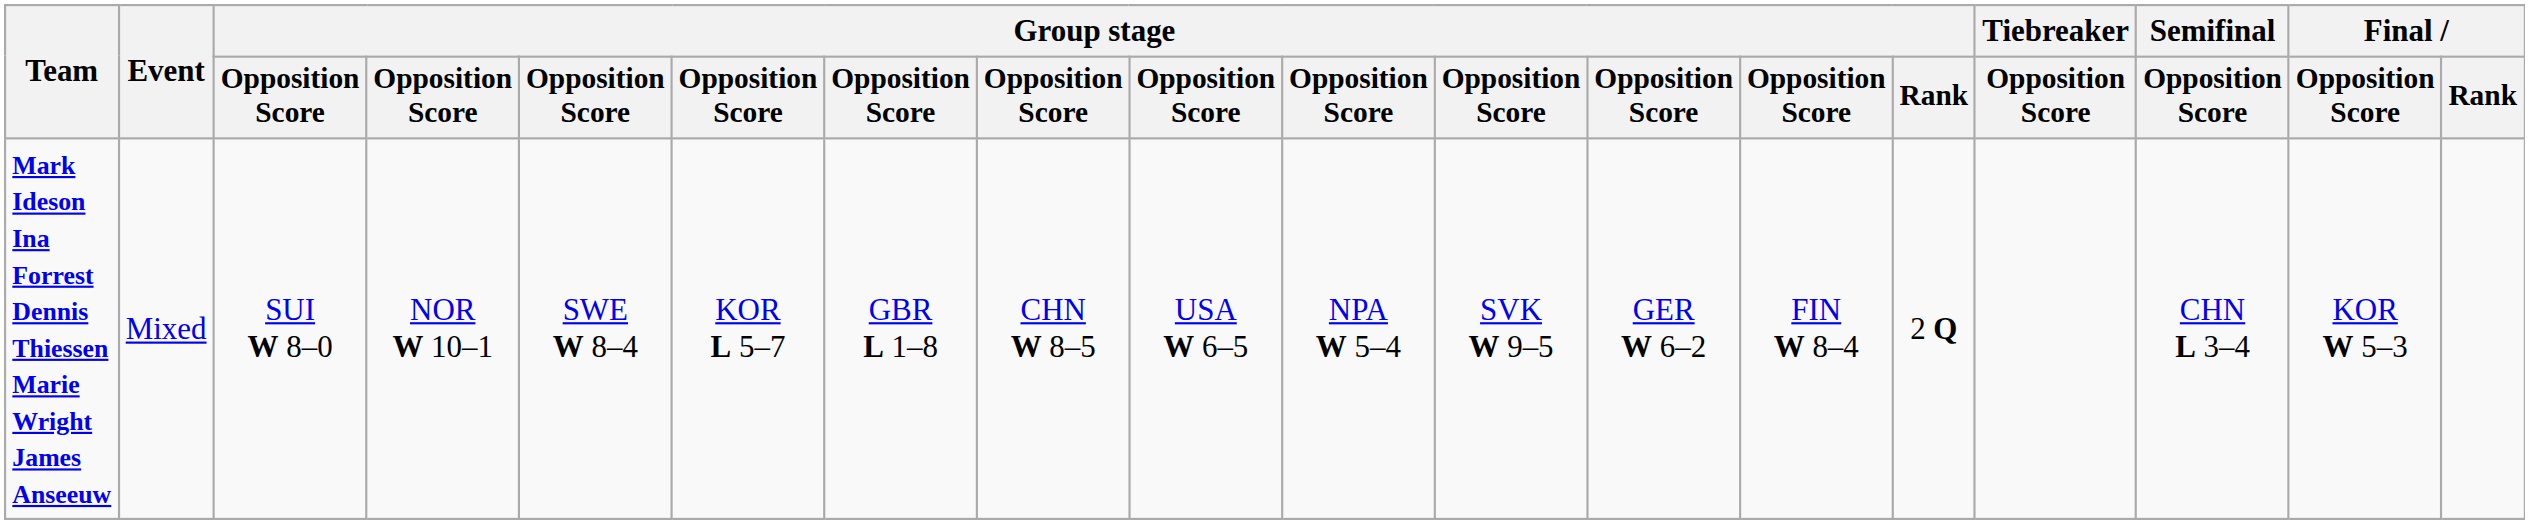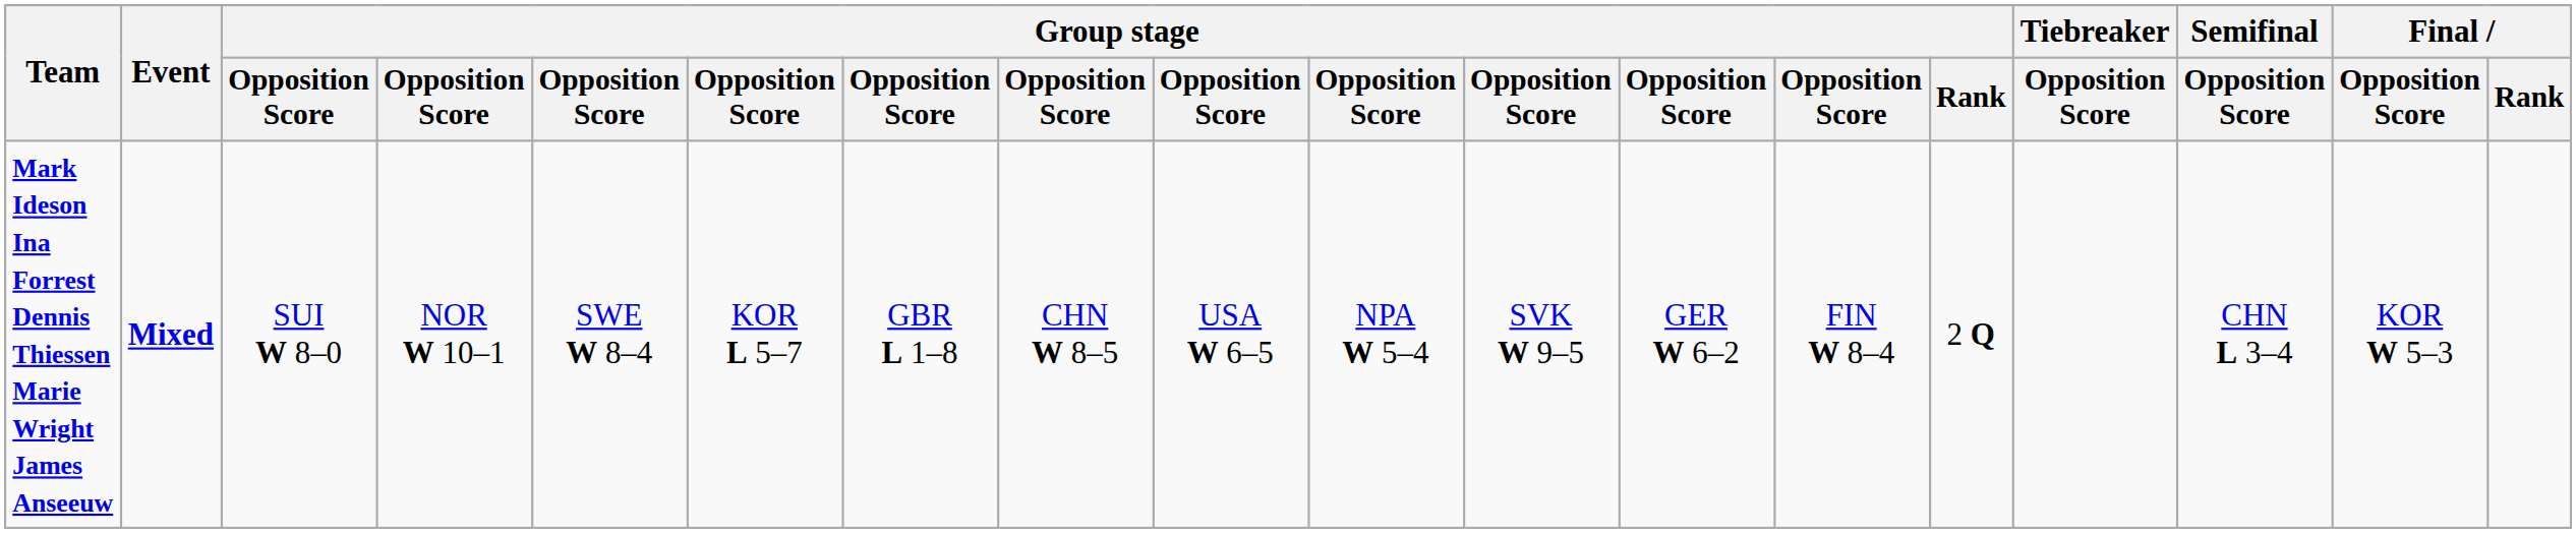 <table class=wikitable style="font-size:90%">
 <tr>
 <th rowspan=2>Team</th>
 <th rowspan=2>Event</th>
 <th colspan=12>Group stage</th>
 <th>Tiebreaker</th>
 <th>Semifinal</th>
 <th colspan=2>Final / </th>
 </tr>
 <tr style="font-size:95%">
 <th>Opposition<br>Score</th>
 <th>Opposition<br>Score</th>
 <th>Opposition<br>Score</th>
 <th>Opposition<br>Score</th>
 <th>Opposition<br>Score</th>
 <th>Opposition<br>Score</th>
 <th>Opposition<br>Score</th>
 <th>Opposition<br>Score</th>
 <th>Opposition<br>Score</th>
 <th>Opposition<br>Score</th>
 <th>Opposition<br>Score</th>
 <th>Rank</th>
 <th>Opposition<br>Score</th>
 <th>Opposition<br>Score</th>
 <th>Opposition<br>Score</th>
 <th>Rank</th>
 </tr>
 <tr align="center">
 <td align="left"><strong><small><a href='#'>Mark Ideson</a><br><a href='#'>Ina Forrest</a><br><a href='#'>Dennis Thiessen</a><br><a href='#'>Marie Wright</a><br><a href='#'>James Anseeuw</a></small></strong></td>
-<td><a href='#'>Mixed</a></td>
+<td><strong><a href='#'>Mixed</a></strong></td>
 <td> <a href='#'>SUI</a><br> <strong>W</strong> 8–0</td>
 <td> <a href='#'>NOR</a><br> <strong>W</strong> 10–1</td>
 <td> <a href='#'>SWE</a><br> <strong>W</strong> 8–4</td>
 <td> <a href='#'>KOR</a><br> <strong>L</strong> 5–7</td>
 <td> <a href='#'>GBR</a><br> <strong>L</strong> 1–8</td>
 <td> <a href='#'>CHN</a><br> <strong>W</strong> 8–5</td>
 <td> <a href='#'>USA</a><br> <strong>W</strong> 6–5</td>
 <td> <a href='#'>NPA</a><br> <strong>W</strong> 5–4</td>
 <td> <a href='#'>SVK</a><br> <strong>W</strong> 9–5</td>
 <td> <a href='#'>GER</a><br> <strong>W</strong> 6–2</td>
 <td> <a href='#'>FIN</a><br> <strong>W</strong> 8–4</td>
 <td>2 <strong>Q</strong></td>
 <td></td>
 <td> <a href='#'>CHN</a><br> <strong>L</strong> 3–4</td>
 <td> <a href='#'>KOR</a><br> <strong>W</strong> 5–3</td>
 <td></td>
 </tr>
 </table>
